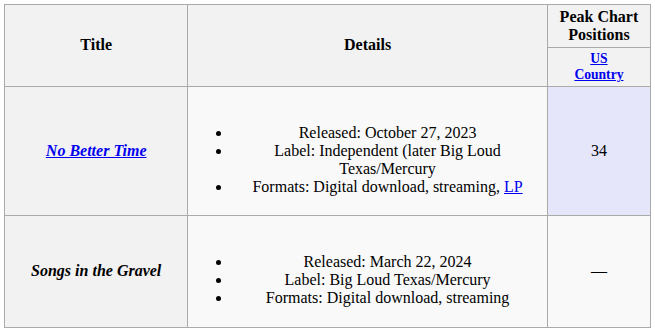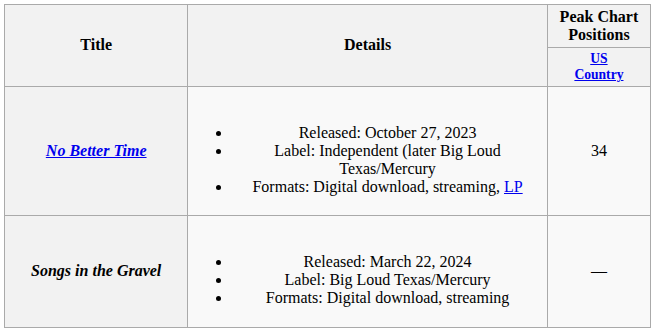 <table class="wikitable plainrowheaders" style="text-align:center;">
 <tr>
 <th scope="col" rowspan="2" style="width:11em;">Title</th>
 <th scope="col" rowspan="2" style="width:22em;">Details</th>
 <th scope="col" colspan="2" style="width:6em;">Peak Chart Positions</th>
 </tr>
 <tr>
 <th scope="col" style="width:2.5em;font-size:85%;"><a href='#'>US<br>Country</a><br></th>
 </tr>
 <tr>
 <th scope="row"><em><a href='#'>No Better Time</a></em></th>
 <td><br><ul><li>Released: October 27, 2023</li><li>Label: Independent (later Big Loud Texas/Mercury</li><li>Formats: Digital download, streaming, <a href='#'>LP</a></li></ul></td>
-<td style="background: lavender;">34</td>
+<td>34</td>
 </tr>
 <tr>
 <th scope="row"><em>Songs in the Gravel</em></th>
 <td><br><ul><li>Released: March 22, 2024</li><li>Label: Big Loud Texas/Mercury</li><li>Formats: Digital download, streaming</li></ul></td>
 <td>—</td>
 </tr>
 </table>
